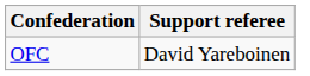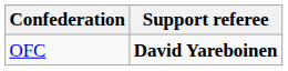 <table class="wikitable">
 <tr>
 <th>Confederation</th>
 <th>Support referee</th>
 </tr>
 <tr>
 <td><a href='#'>OFC</a></td>
-<td> David Yareboinen</td>
+<td><strong> David Yareboinen</strong></td>
 </tr>
 </table>
